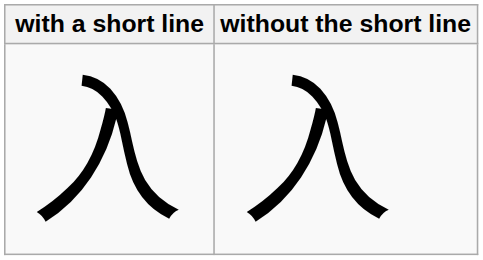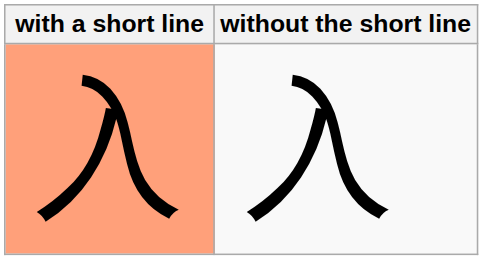 <table class="wikitable">
 <tr>
 <th>with a short line</th>
 <th>without the short line</th>
 </tr>
 <tr style="font-size:6em;font-family:serif;line-height:100%;">
-<td lang="ja">入</td>
+<td lang="ja" style="background: lightsalmon;">入</td>
 <td lang="zh-cn">入</td>
 </tr>
 </table>
